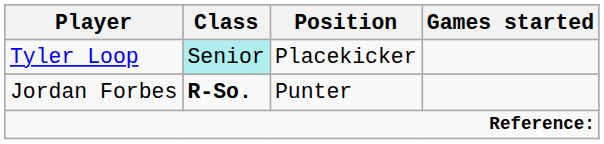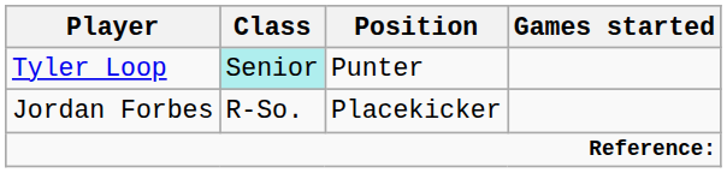 <table class="wikitable">
 <tr>
 <th style="text-align:center; ">Player</th>
 <th style="text-align:center; ">Class</th>
 <th style="text-align:center; ">Position</th>
 <th style="text-align:center; ">Games started</th>
 </tr>
 <tr>
 <td><a href='#'>Tyler Loop</a></td>
 <td style="background: paleturquoise;">Senior</td>
-<td>Placekicker</td>
+<td>Punter</td>
 <td></td>
 </tr>
 <tr>
 <td>Jordan Forbes</td>
-<td><strong>R-So.</strong></td>
-<td>Punter</td>
+<td>R-So.</td>
+<td>Placekicker</td>
 <td></td>
 </tr>
 <tr>
 <td colspan="4"  style="font-size:8pt; text-align:right;"><strong>Reference:</strong></td>
 </tr>
 </table>
